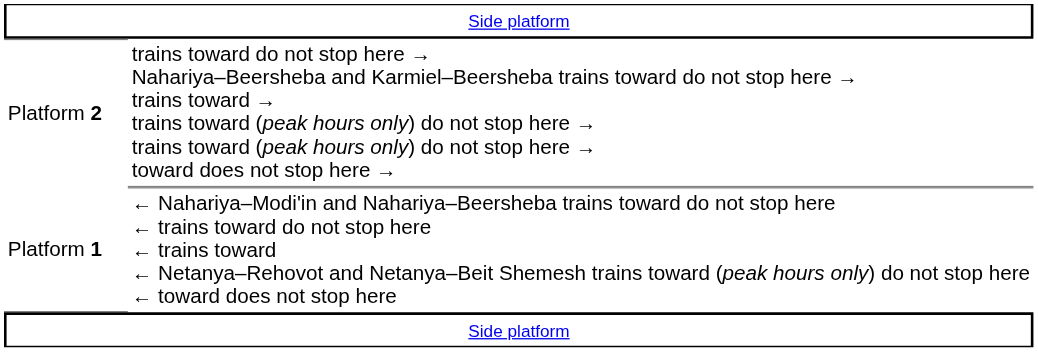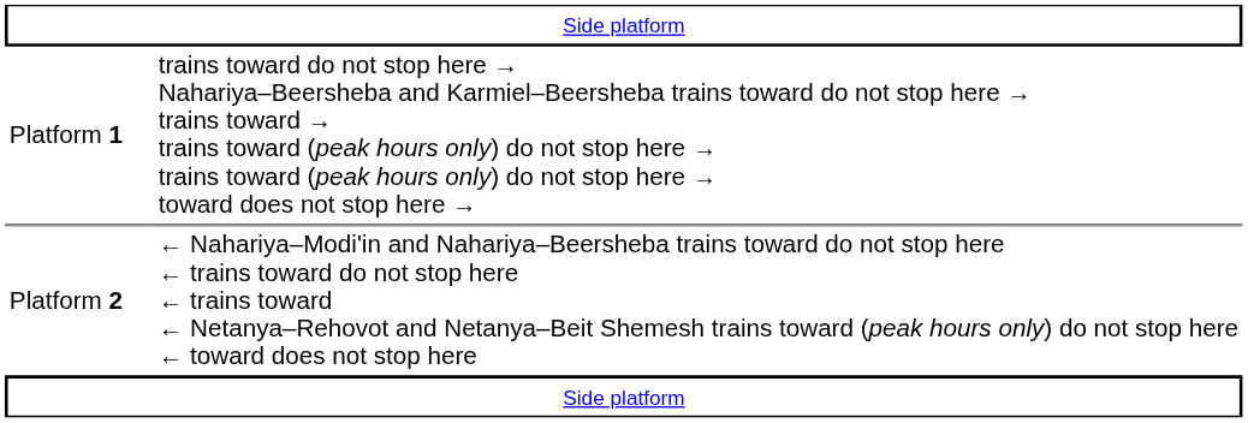 <table table border=0 cellspacing=0 cellpadding=3>
 <tr>
 <td style="border-top:solid 1-x black;border-top:solid 1px black;border-right:solid 2px black;border-left:solid 2px black;border-bottom:solid 2px black;text-align:center;" colspan=2><small><a href='#'>Side platform</a></small></td>
 </tr>
 <tr>
-<td style="border-top:solid 1px gray;">Platform <strong>2</strong></td>
+<td style="border-bottom:solid 1px gray;" width=90>Platform <strong>1</strong></td>
 <td style="border-bottom:solid 1px gray;">  trains toward  do not stop here →<br>   Nahariya–Beersheba and Karmiel–Beersheba trains toward  do not stop here →<br>  trains toward   →<br>  trains toward  (<em>peak hours only</em>) do not stop here →<br>  trains toward  (<em>peak hours only</em>) do not stop here →<br>  toward  does not stop here →</td>
 </tr>
 <tr>
-<td style="border-bottom:solid 1px gray;" width=90>Platform <strong>1</strong></td>
+<td style="border-top:solid 1px gray;">Platform <strong>2</strong></td>
 <td style="border-top:solid 1px gray;">←   Nahariya–Modi'in and Nahariya–Beersheba trains toward  do not stop here<br>←  trains toward  do not stop here<br>←  trains toward  <br>←   Netanya–Rehovot and Netanya–Beit Shemesh trains toward  (<em>peak hours only</em>) do not stop here<br>←  toward  does not stop here</td>
 </tr>
 <tr>
 <td style="border-top:solid 2px black;border-right:solid 2px black;border-left:solid 2px black;border-bottom:solid 1px black;text-align:center;" colspan=2><small><a href='#'>Side platform</a></small></td>
 </tr>
 </table>
